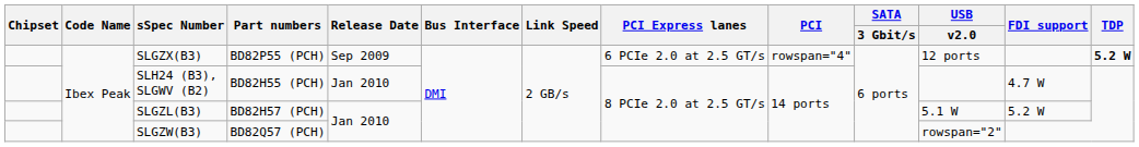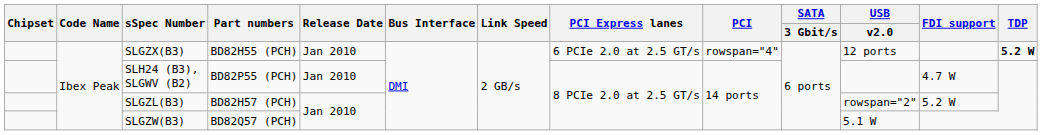 <table class="wikitable" style="font-size: 90%">
 <tr>
 <th rowspan="2">Chipset</th>
 <th rowspan="2">Code Name</th>
 <th rowspan="2">sSpec Number</th>
 <th rowspan="2">Part numbers</th>
 <th rowspan="2">Release Date</th>
 <th rowspan="2">Bus Interface</th>
 <th rowspan="2">Link Speed</th>
 <th rowspan="2"><a href='#'>PCI Express</a> lanes</th>
 <th rowspan="2"><a href='#'>PCI</a></th>
 <th><a href='#'>SATA</a></th>
 <th><a href='#'>USB</a></th>
 <th rowspan="2"><a href='#'>FDI support</a></th>
 <th rowspan="2"><a href='#'>TDP</a></th>
 </tr>
 <tr>
 <th>3 Gbit/s</th>
 <th>v2.0</th>
 </tr>
 <tr>
 <td><strong></strong></td>
 <td rowspan="4">Ibex Peak</td>
 <td>SLGZX(B3)</td>
-<td>BD82P55 (PCH)</td>
-<td>Sep 2009</td>
+<td>BD82H55 (PCH)</td>
+<td>Jan 2010</td>
 <td rowspan="4"><a href='#'>DMI</a></td>
 <td rowspan="4">2 GB/s</td>
 <td>6 PCIe 2.0 at 2.5 GT/s</td>
 <td>rowspan="4" </td>
 <td rowspan="4">6 ports</td>
 <td>12 ports</td>
 <td></td>
 <td><strong>5.2 W</strong></td>
 </tr>
 <tr>
 <td><strong></strong></td>
 <td>SLH24 (B3),<br>SLGWV (B2)</td>
-<td>BD82H55 (PCH)</td>
+<td>BD82P55 (PCH)</td>
 <td>Jan 2010</td>
 <td rowspan="3">8 PCIe 2.0 at 2.5 GT/s</td>
 <td rowspan="3">14 ports</td>
 <td></td>
 <td>4.7 W</td>
 </tr>
 <tr>
 <td><strong></strong></td>
 <td>SLGZL(B3)</td>
 <td>BD82H57 (PCH)</td>
 <td rowspan="2">Jan 2010</td>
-<td>5.1 W</td>
+<td>rowspan="2" </td>
 <td>5.2 W</td>
 </tr>
 <tr>
 <td><strong></strong></td>
 <td>SLGZW(B3)</td>
 <td>BD82Q57 (PCH)</td>
-<td>rowspan="2" </td>
+<td>5.1 W</td>
 </tr>
 </table>
